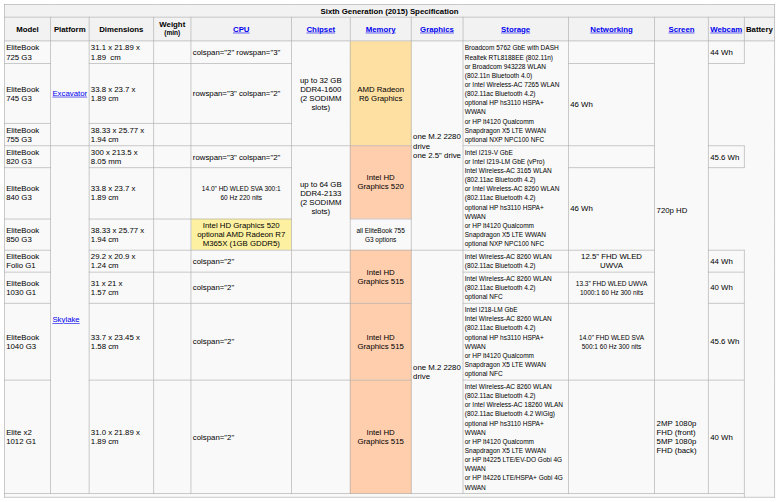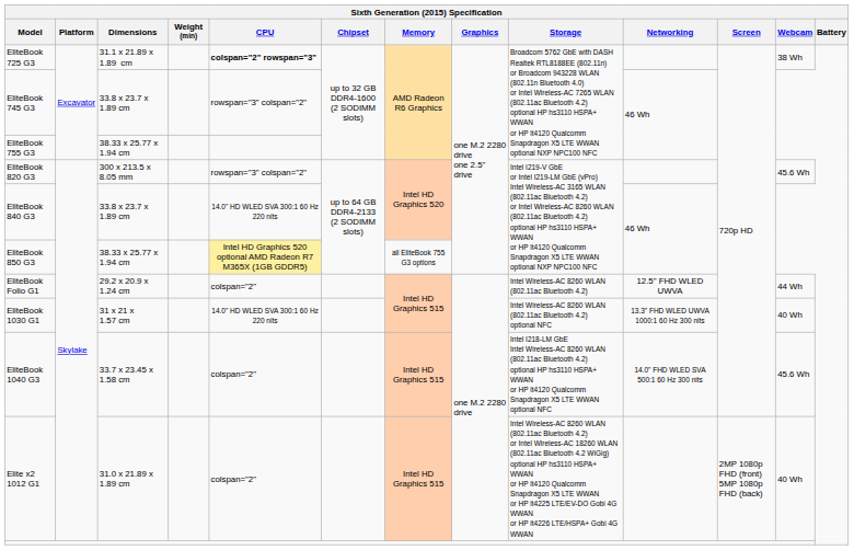 <table class="wikitable mw-collapsible mw-collapsed" style="font-size: 80%; width: 100%;">
 <tr>
 <th colspan="13">Sixth Generation (2015) Specification</th>
 </tr>
 <tr>
 <th width="6%">Model</th>
 <th>Platform</th>
 <th>Dimensions</th>
 <th>Weight <sup>(min)</sup></th>
 <th><a href='#'>CPU</a></th>
 <th><a href='#'>Chipset</a></th>
 <th><a href='#'>Memory</a></th>
 <th><a href='#'>Graphics</a></th>
 <th><a href='#'>Storage</a></th>
 <th><a href='#'>Networking</a></th>
 <th><a href='#'>Screen</a></th>
 <th><a href='#'>Webcam</a></th>
 <th>Battery</th>
 </tr>
 <tr>
 <td>EliteBook 725 G3 </td>
 <td rowspan="3"><a href='#'>Excavator</a></td>
 <td>31.1 x 21.89 x 1.89  cm</td>
 <td></td>
-<td>colspan="2" rowspan="3" </td>
+<td><strong>colspan="2" rowspan="3" </strong></td>
 <td rowspan="3" style="text-align:center;background:">up to 32 GB DDR4-1600<br>(2 SODIMM slots)</td>
 <td rowspan="3" style="text-align:center;background:#fee0a3;">AMD Radeon R6 Graphics<br></td>
 <td rowspan="6">one M.2 2280 drive<br>one 2.5" drive</td>
 <td rowspan="3"><small>Broadcom 5762 GbE with DASH<br>Realtek RTL8188EE (802.11n)<br><span>or Broadcom 943228 WLAN (802.11n Bluetooth 4.0)<br>or Intel Wireless-AC 7265 WLAN (802.11ac Bluetooth 4.2)</span><br>optional HP hs3110 HSPA+ WWAN<br><span>or HP lt4120 Qualcomm Snapdragon X5 LTE WWAN</span><br>optional NXP NPC100 NFC</small></td>
 <td></td>
 <td rowspan="9">720p HD</td>
-<td>44 Wh</td>
+<td>38 Wh</td>
 </tr>
 <tr>
 <td>EliteBook 745 G3 </td>
 <td>33.8 x 23.7 x 1.89 cm</td>
 <td></td>
 <td>rowspan="3" colspan="2" </td>
 <td rowspan="2">46 Wh</td>
 </tr>
 <tr>
 <td>EliteBook 755 G3 </td>
 <td>38.33 x 25.77 x 1.94 cm</td>
 <td></td>
 <td></td>
 </tr>
 <tr>
 <td>EliteBook 820 G3 </td>
 <td rowspan="7"><a href='#'>Skylake</a></td>
 <td>300 x 213.5 x 8.05 mm</td>
 <td></td>
 <td>rowspan="3" colspan="2" </td>
 <td rowspan="3" style="text-align:center;background:">up to 64 GB DDR4-2133<br>(2 SODIMM slots)</td>
 <td rowspan="2" style="text-align:center;background:#ffcead;">Intel HD Graphics 520</td>
 <td rowspan="3"><small>Intel I219-V GbE<br><span>or Intel I219-LM GbE (vPro)</span><br>Intel Wireless-AC 3165 WLAN (802.11ac Bluetooth 4.2)<br><span>or Intel Wireless-AC 8260 WLAN (802.11ac Bluetooth 4.2)</span><br>optional HP hs3110 HSPA+ WWAN<br><span>or HP lt4120 Qualcomm Snapdragon X5 LTE WWAN</span><br>optional NXP NPC100 NFC</small></td>
 <td></td>
 <td>45.6 Wh</td>
 </tr>
 <tr>
 <td>EliteBook 840 G3 </td>
 <td>33.8 x 23.7 x 1.89 cm</td>
 <td></td>
 <td style="text-align:center;background:"><small>14.0" HD WLED SVA 300:1 60 Hz 220 nits<br></small></td>
 <td rowspan="2">46 Wh</td>
 </tr>
 <tr>
 <td>EliteBook 850 G3 </td>
 <td>38.33 x 25.77 x 1.94 cm</td>
 <td></td>
 <td style="text-align:center;background:#fdf1a1;">Intel HD Graphics 520<br> optional AMD Radeon R7 M365X (1GB GDDR5)</td>
 <td style="text-align:center;background:"><small>all EliteBook 755 G3 options<br></small></td>
 </tr>
 <tr>
 <td>EliteBook Folio G1 </td>
 <td>29.2 x 20.9 x 1.24 cm</td>
 <td></td>
 <td>colspan="2" </td>
 <td></td>
 <td rowspan="2" style="text-align:center;background:#ffcead;">Intel HD Graphics 515</td>
 <td rowspan="4">one M.2 2280 drive</td>
 <td><small>Intel Wireless-AC 8260 WLAN (802.11ac Bluetooth 4.2)</small></td>
 <td style="text-align:center;background:">12.5" FHD WLED UWVA<br></td>
 <td>44 Wh</td>
 </tr>
 <tr>
 <td>EliteBook 1030 G1 </td>
 <td>31 x 21 x 1.57 cm</td>
 <td></td>
-<td>colspan="2" </td>
+<td style="text-align:center;background:"><small>14.0" HD WLED SVA 300:1 60 Hz 220 nits<br></small></td>
 <td></td>
 <td><small>Intel Wireless-AC 8260 WLAN (802.11ac Bluetooth 4.2)<br>optional NFC</small></td>
 <td style="text-align:center;background:"><small>13.3" FHD WLED UWVA 1000:1 60 Hz 300 nits<br></small></td>
 <td>40 Wh</td>
 </tr>
 <tr>
 <td>EliteBook 1040 G3 </td>
 <td>33.7 x 23.45 x 1.58 cm</td>
 <td></td>
 <td>colspan="2" </td>
 <td></td>
 <td style="text-align:center;background:#ffcead;">Intel HD Graphics 515</td>
 <td><small>Intel I218-LM GbE<br>Intel Wireless-AC 8260 WLAN (802.11ac Bluetooth 4.2)<br>optional HP hs3110 HSPA+ WWAN<br><span>or HP lt4120 Qualcomm Snapdragon X5 LTE WWAN</span><br>optional NFC</small></td>
 <td style="text-align:center;background:"><small>14.0" FHD WLED SVA 500:1 60 Hz 300 nits<br></small></td>
 <td>45.6 Wh</td>
 </tr>
 <tr>
 <td>Elite x2 1012 G1 </td>
 <td>31.0 x 21.89 x 1.89 cm</td>
 <td></td>
 <td>colspan="2" </td>
 <td></td>
 <td style="text-align:center;background:#ffcead;">Intel HD Graphics 515</td>
 <td><small>Intel Wireless-AC 8260 WLAN (802.11ac Bluetooth 4.2)<br><span>or Intel Wireless-AC 18260 WLAN (802.11ac Bluetooth 4.2 WiGig)</span><br>optional HP hs3110 HSPA+ WWAN<br><span>or HP lt4120 Qualcomm Snapdragon X5 LTE WWAN<br>or HP lt4225 LTE/EV-DO Gobi 4G WWAN<br>or HP lt4226 LTE/HSPA+ Gobi 4G WWAN</span></small></td>
 <td></td>
 <td>2MP 1080p FHD (front)<br>5MP 1080p FHD (back)</td>
 <td>40 Wh</td>
 </tr>
 <tr>
 <td colspan="12"></td>
 </tr>
 </table>
